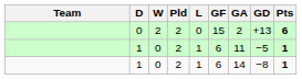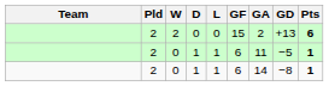 <table class="wikitable" style="text-align: center;">
 <tr>
 <th width="175">Team</th>
+<th width="20">Pld</th>
+<th width="20">W</th>
 <th width="20">D</th>
-<th width="20">W</th>
-<th width="20">Pld</th>
 <th width="20">L</th>
 <th width="20">GF</th>
 <th width="20">GA</th>
 <th width="20">GD</th>
 <th width="20">Pts</th>
 </tr>
 <tr bgcolor="#ccffcc">
 <td align="left"></td>
-<td>0</td>
 <td>2</td>
 <td>2</td>
+<td>0</td>
 <td>0</td>
 <td>15</td>
 <td>2</td>
 <td>+13</td>
 <td><strong>6</strong></td>
 </tr>
 <tr bgcolor="#ccffcc">
 <td align="left"></td>
+<td>2</td>
+<td>0</td>
 <td>1</td>
-<td>0</td>
-<td>2</td>
 <td>1</td>
 <td>6</td>
 <td>11</td>
 <td>−5</td>
 <td><strong>1</strong></td>
 </tr>
 <tr>
 <td align="left"></td>
+<td>2</td>
+<td>0</td>
 <td>1</td>
-<td>0</td>
-<td>2</td>
 <td>1</td>
 <td>6</td>
 <td>14</td>
 <td>−8</td>
 <td><strong>1</strong></td>
 </tr>
 </table>
